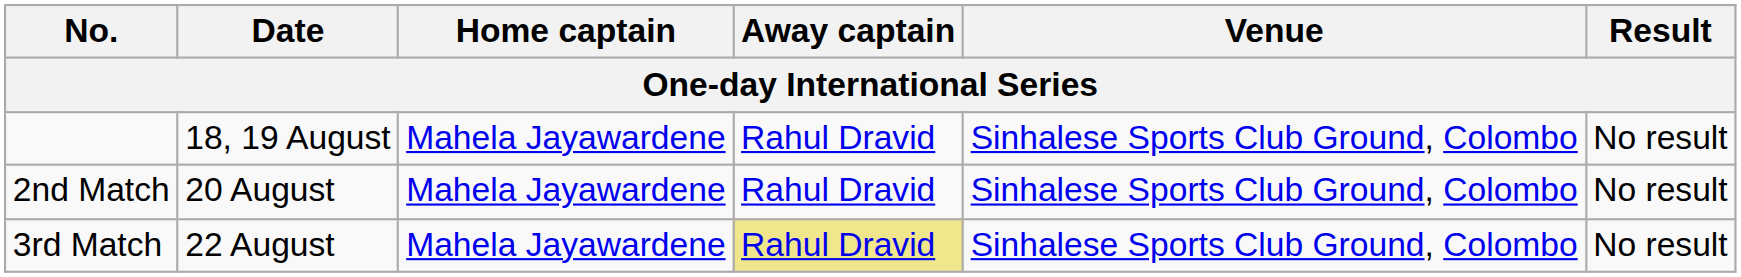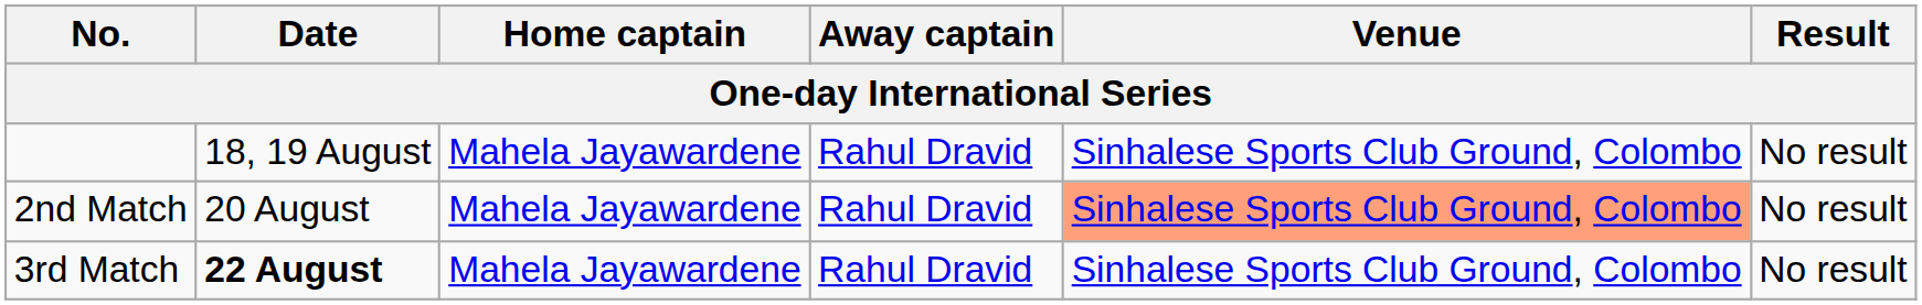 <table class="wikitable">
 <tr style="background:#efefef;">
 <th>No.</th>
 <th>Date</th>
 <th>Home captain</th>
 <th>Away captain</th>
 <th>Venue</th>
 <th>Result</th>
 </tr>
 <tr>
 <th colspan="8">One-day International Series</th>
 </tr>
 <tr>
 <td></td>
 <td>18, 19 August</td>
 <td><a href='#'>Mahela Jayawardene</a></td>
 <td><a href='#'>Rahul Dravid</a></td>
 <td><a href='#'>Sinhalese Sports Club Ground</a>, <a href='#'>Colombo</a></td>
 <td>No result</td>
 </tr>
 <tr>
 <td>2nd Match</td>
 <td>20 August</td>
 <td><a href='#'>Mahela Jayawardene</a></td>
 <td><a href='#'>Rahul Dravid</a></td>
-<td><a href='#'>Sinhalese Sports Club Ground</a>, <a href='#'>Colombo</a></td>
+<td style="background: lightsalmon;"><a href='#'>Sinhalese Sports Club Ground</a>, <a href='#'>Colombo</a></td>
 <td>No result</td>
 </tr>
 <tr>
 <td>3rd Match</td>
-<td>22 August</td>
+<td><strong>22 August</strong></td>
 <td><a href='#'>Mahela Jayawardene</a></td>
-<td style="background: khaki;"><a href='#'>Rahul Dravid</a></td>
+<td><a href='#'>Rahul Dravid</a></td>
 <td><a href='#'>Sinhalese Sports Club Ground</a>, <a href='#'>Colombo</a></td>
 <td>No result</td>
 </tr>
 </table>
